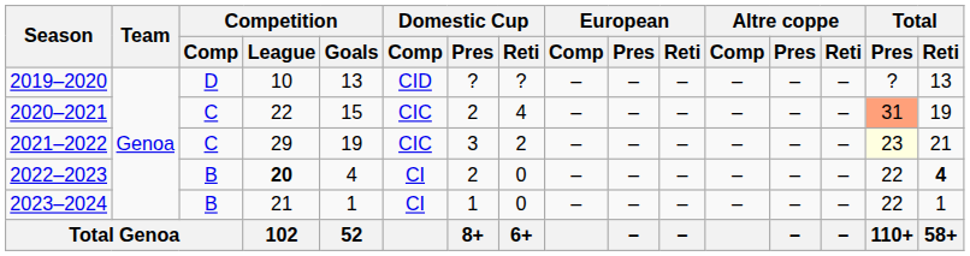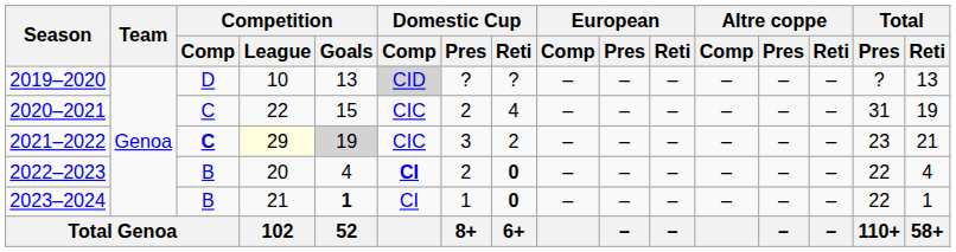 <table class="wikitable center" style="text-align:center; font-size:90%">
 <tr>
 <th rowspan="2">Season</th>
 <th rowspan="2">Team</th>
 <th colspan="3">Competition</th>
 <th colspan="3">Domestic Cup</th>
 <th colspan="3">European</th>
 <th colspan="3">Altre coppe</th>
 <th colspan="2">Total</th>
 </tr>
 <tr>
 <th>Comp</th>
 <th>League</th>
 <th>Goals</th>
 <th>Comp</th>
 <th>Pres</th>
 <th>Reti</th>
 <th>Comp</th>
 <th>Pres</th>
 <th>Reti</th>
 <th>Comp</th>
 <th>Pres</th>
 <th>Reti</th>
 <th>Pres</th>
 <th>Reti</th>
 </tr>
 <tr>
 <td><a href='#'>2019–2020</a></td>
 <td rowspan="5"> <a href='#'>Genoa</a></td>
 <td><a href='#'>D</a></td>
 <td>10</td>
 <td>13</td>
-<td><a href='#'>CID</a></td>
+<td style="background: lightgrey;"><a href='#'>CID</a></td>
 <td>?</td>
 <td>?</td>
 <td>–</td>
 <td>–</td>
 <td>–</td>
 <td>–</td>
 <td>–</td>
 <td>–</td>
 <td>?</td>
 <td>13</td>
 </tr>
 <tr>
 <td><a href='#'>2020–2021</a></td>
 <td><a href='#'>C</a></td>
 <td>22</td>
 <td>15</td>
 <td><a href='#'>CIC</a></td>
 <td>2</td>
 <td>4</td>
 <td>–</td>
 <td>–</td>
 <td>–</td>
 <td>–</td>
 <td>–</td>
 <td>–</td>
-<td style="background: lightsalmon;">31</td>
+<td>31</td>
 <td>19</td>
 </tr>
 <tr>
 <td><a href='#'>2021–2022</a></td>
-<td><a href='#'>C</a></td>
-<td>29</td>
-<td>19</td>
+<td><strong><a href='#'>C</a></strong></td>
+<td style="background: lightyellow;">29</td>
+<td style="background: lightgrey;">19</td>
 <td><a href='#'>CIC</a></td>
 <td>3</td>
 <td>2</td>
 <td>–</td>
 <td>–</td>
 <td>–</td>
 <td>–</td>
 <td>–</td>
 <td>–</td>
-<td style="background: lightyellow;">23</td>
+<td>23</td>
 <td>21</td>
 </tr>
 <tr>
 <td><a href='#'>2022–2023</a></td>
 <td><a href='#'>B</a></td>
-<td><strong>20</strong></td>
+<td>20</td>
 <td>4</td>
-<td><a href='#'>CI</a></td>
+<td><strong><a href='#'>CI</a></strong></td>
 <td>2</td>
-<td>0</td>
+<td><strong>0</strong></td>
 <td>–</td>
 <td>–</td>
 <td>–</td>
 <td>–</td>
 <td>–</td>
 <td>–</td>
 <td>22</td>
-<td><strong>4</strong></td>
+<td>4</td>
 </tr>
 <tr>
 <td><a href='#'>2023–2024</a></td>
 <td><a href='#'>B</a></td>
 <td>21</td>
-<td>1</td>
+<td><strong>1</strong></td>
 <td><a href='#'>CI</a></td>
 <td>1</td>
-<td>0</td>
+<td><strong>0</strong></td>
 <td>–</td>
 <td>–</td>
 <td>–</td>
 <td>–</td>
 <td>–</td>
 <td>–</td>
 <td>22</td>
 <td>1</td>
 </tr>
 <tr>
 <th colspan="3">Total Genoa</th>
 <th>102</th>
 <th>52</th>
 <th></th>
 <th>8+</th>
 <th>6+</th>
 <th></th>
 <th>–</th>
 <th>–</th>
 <th></th>
 <th>–</th>
 <th>–</th>
 <th>110+</th>
 <th>58+</th>
 </tr>
 </table>
